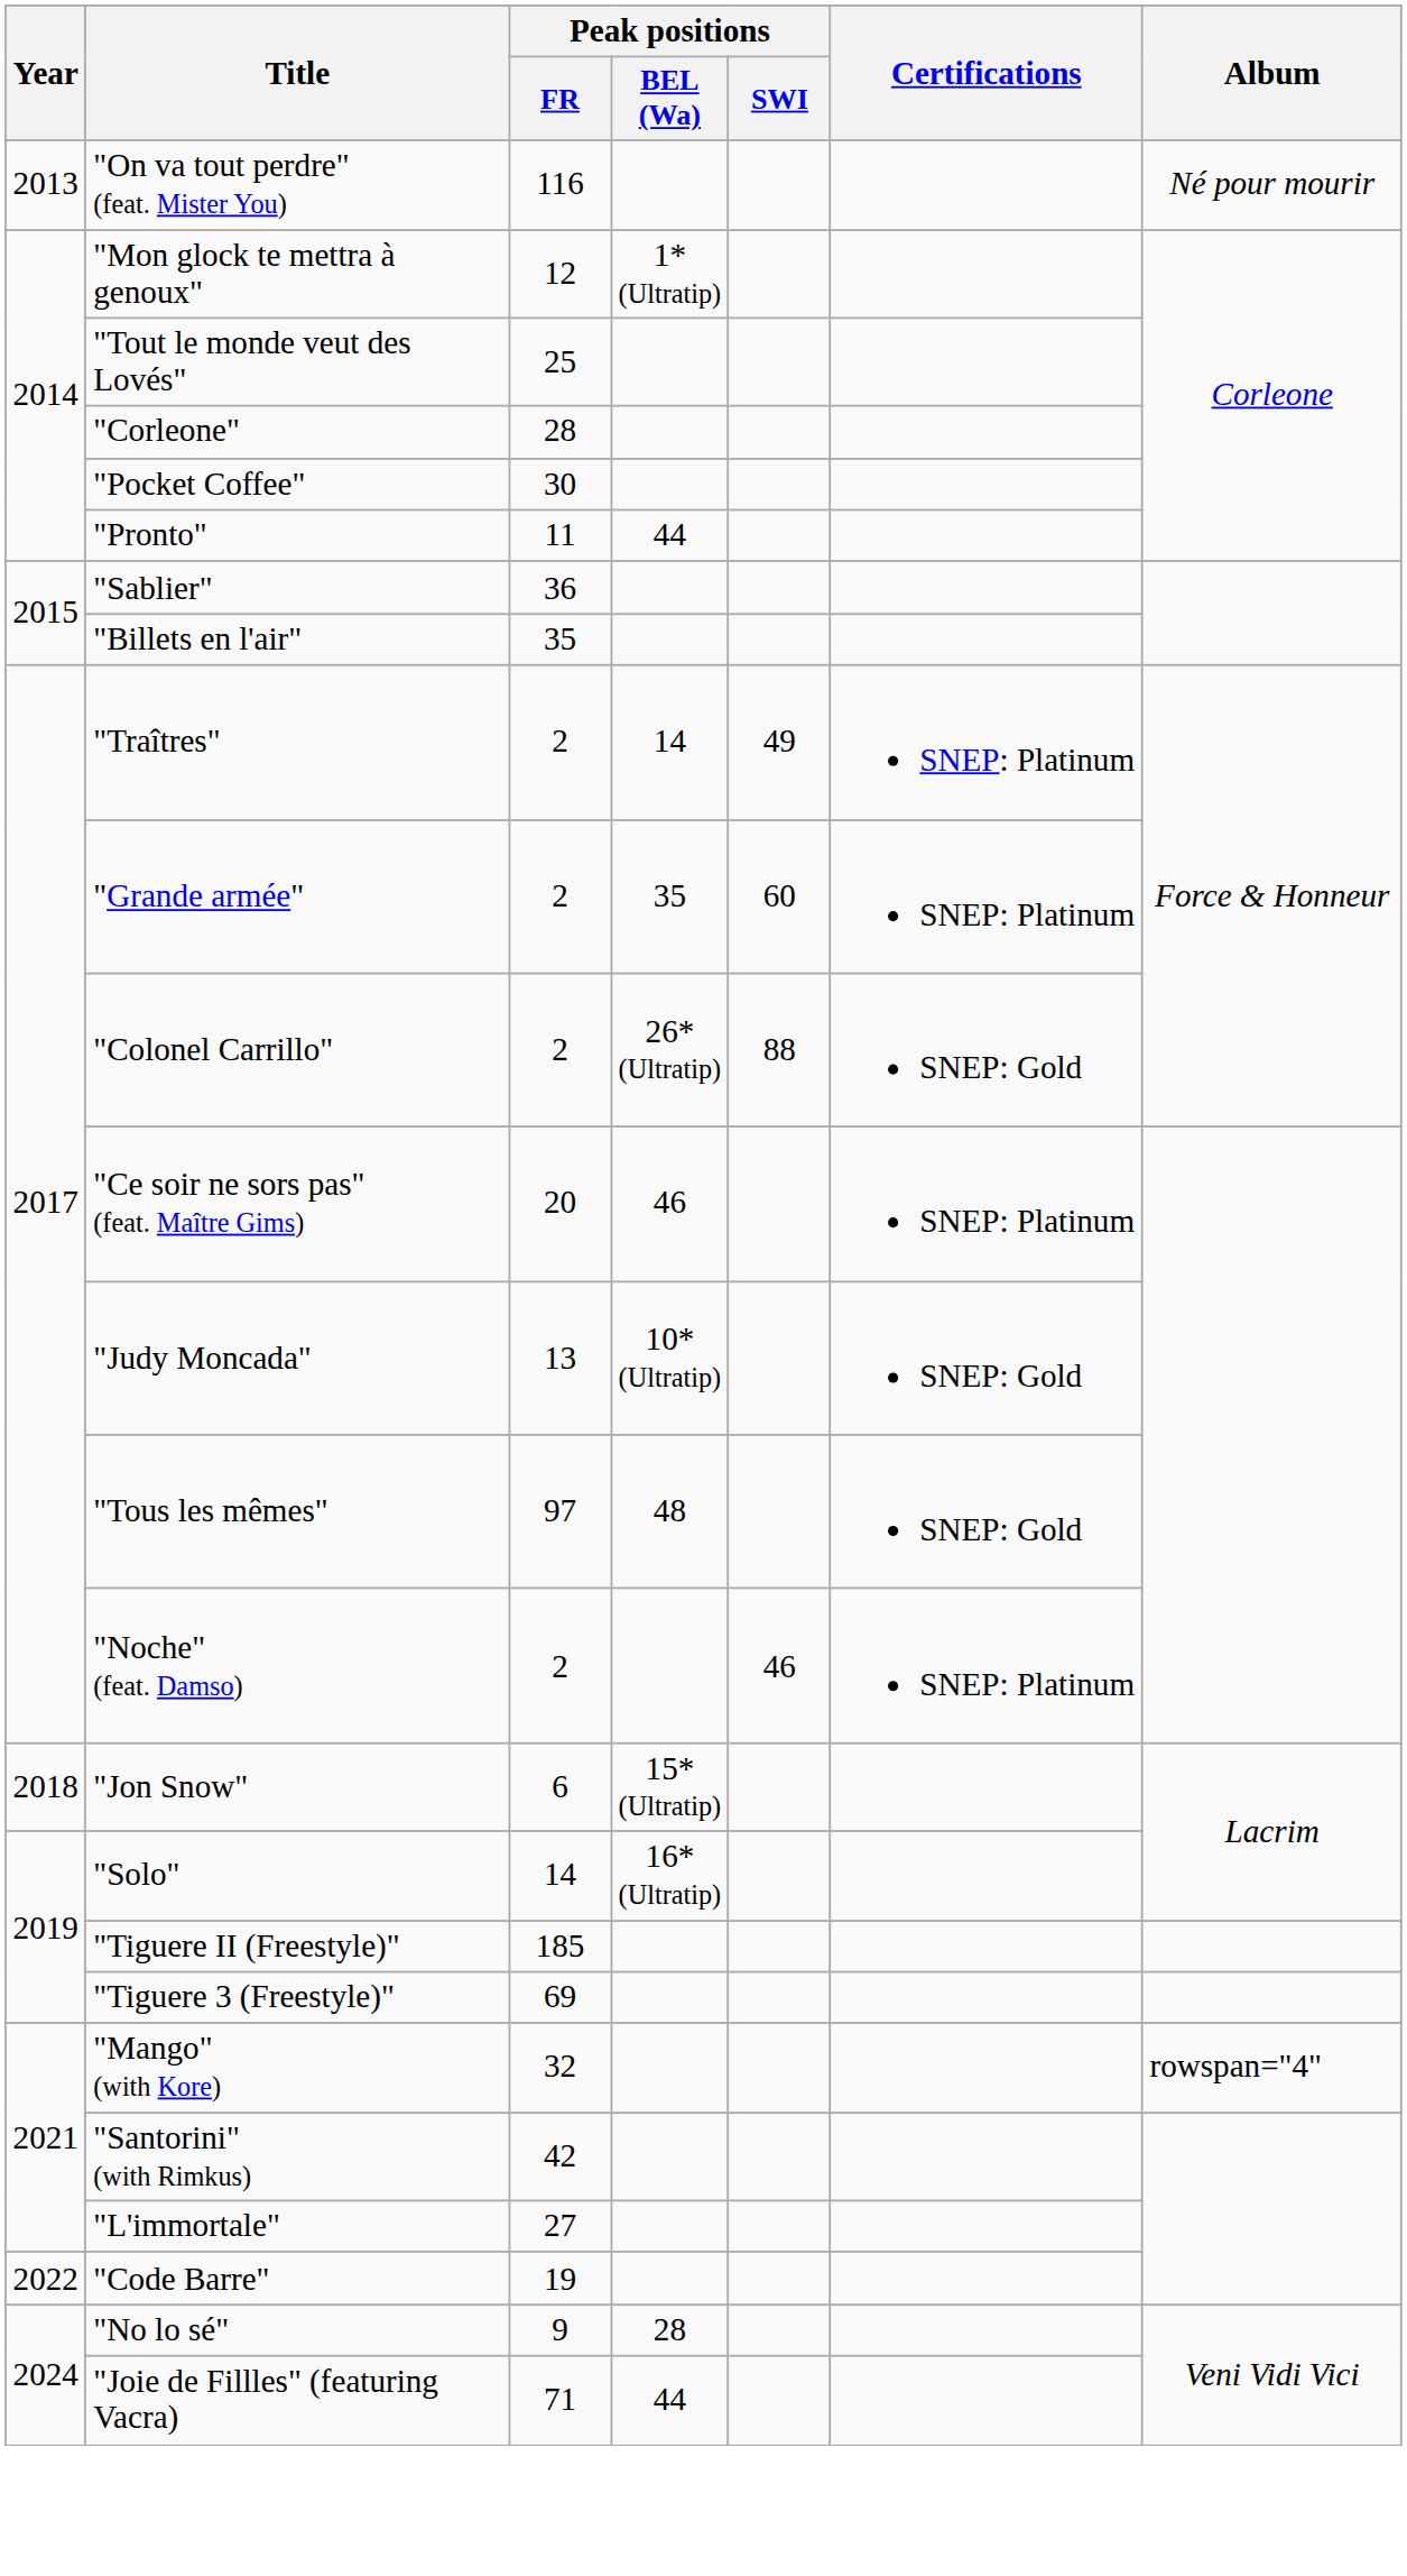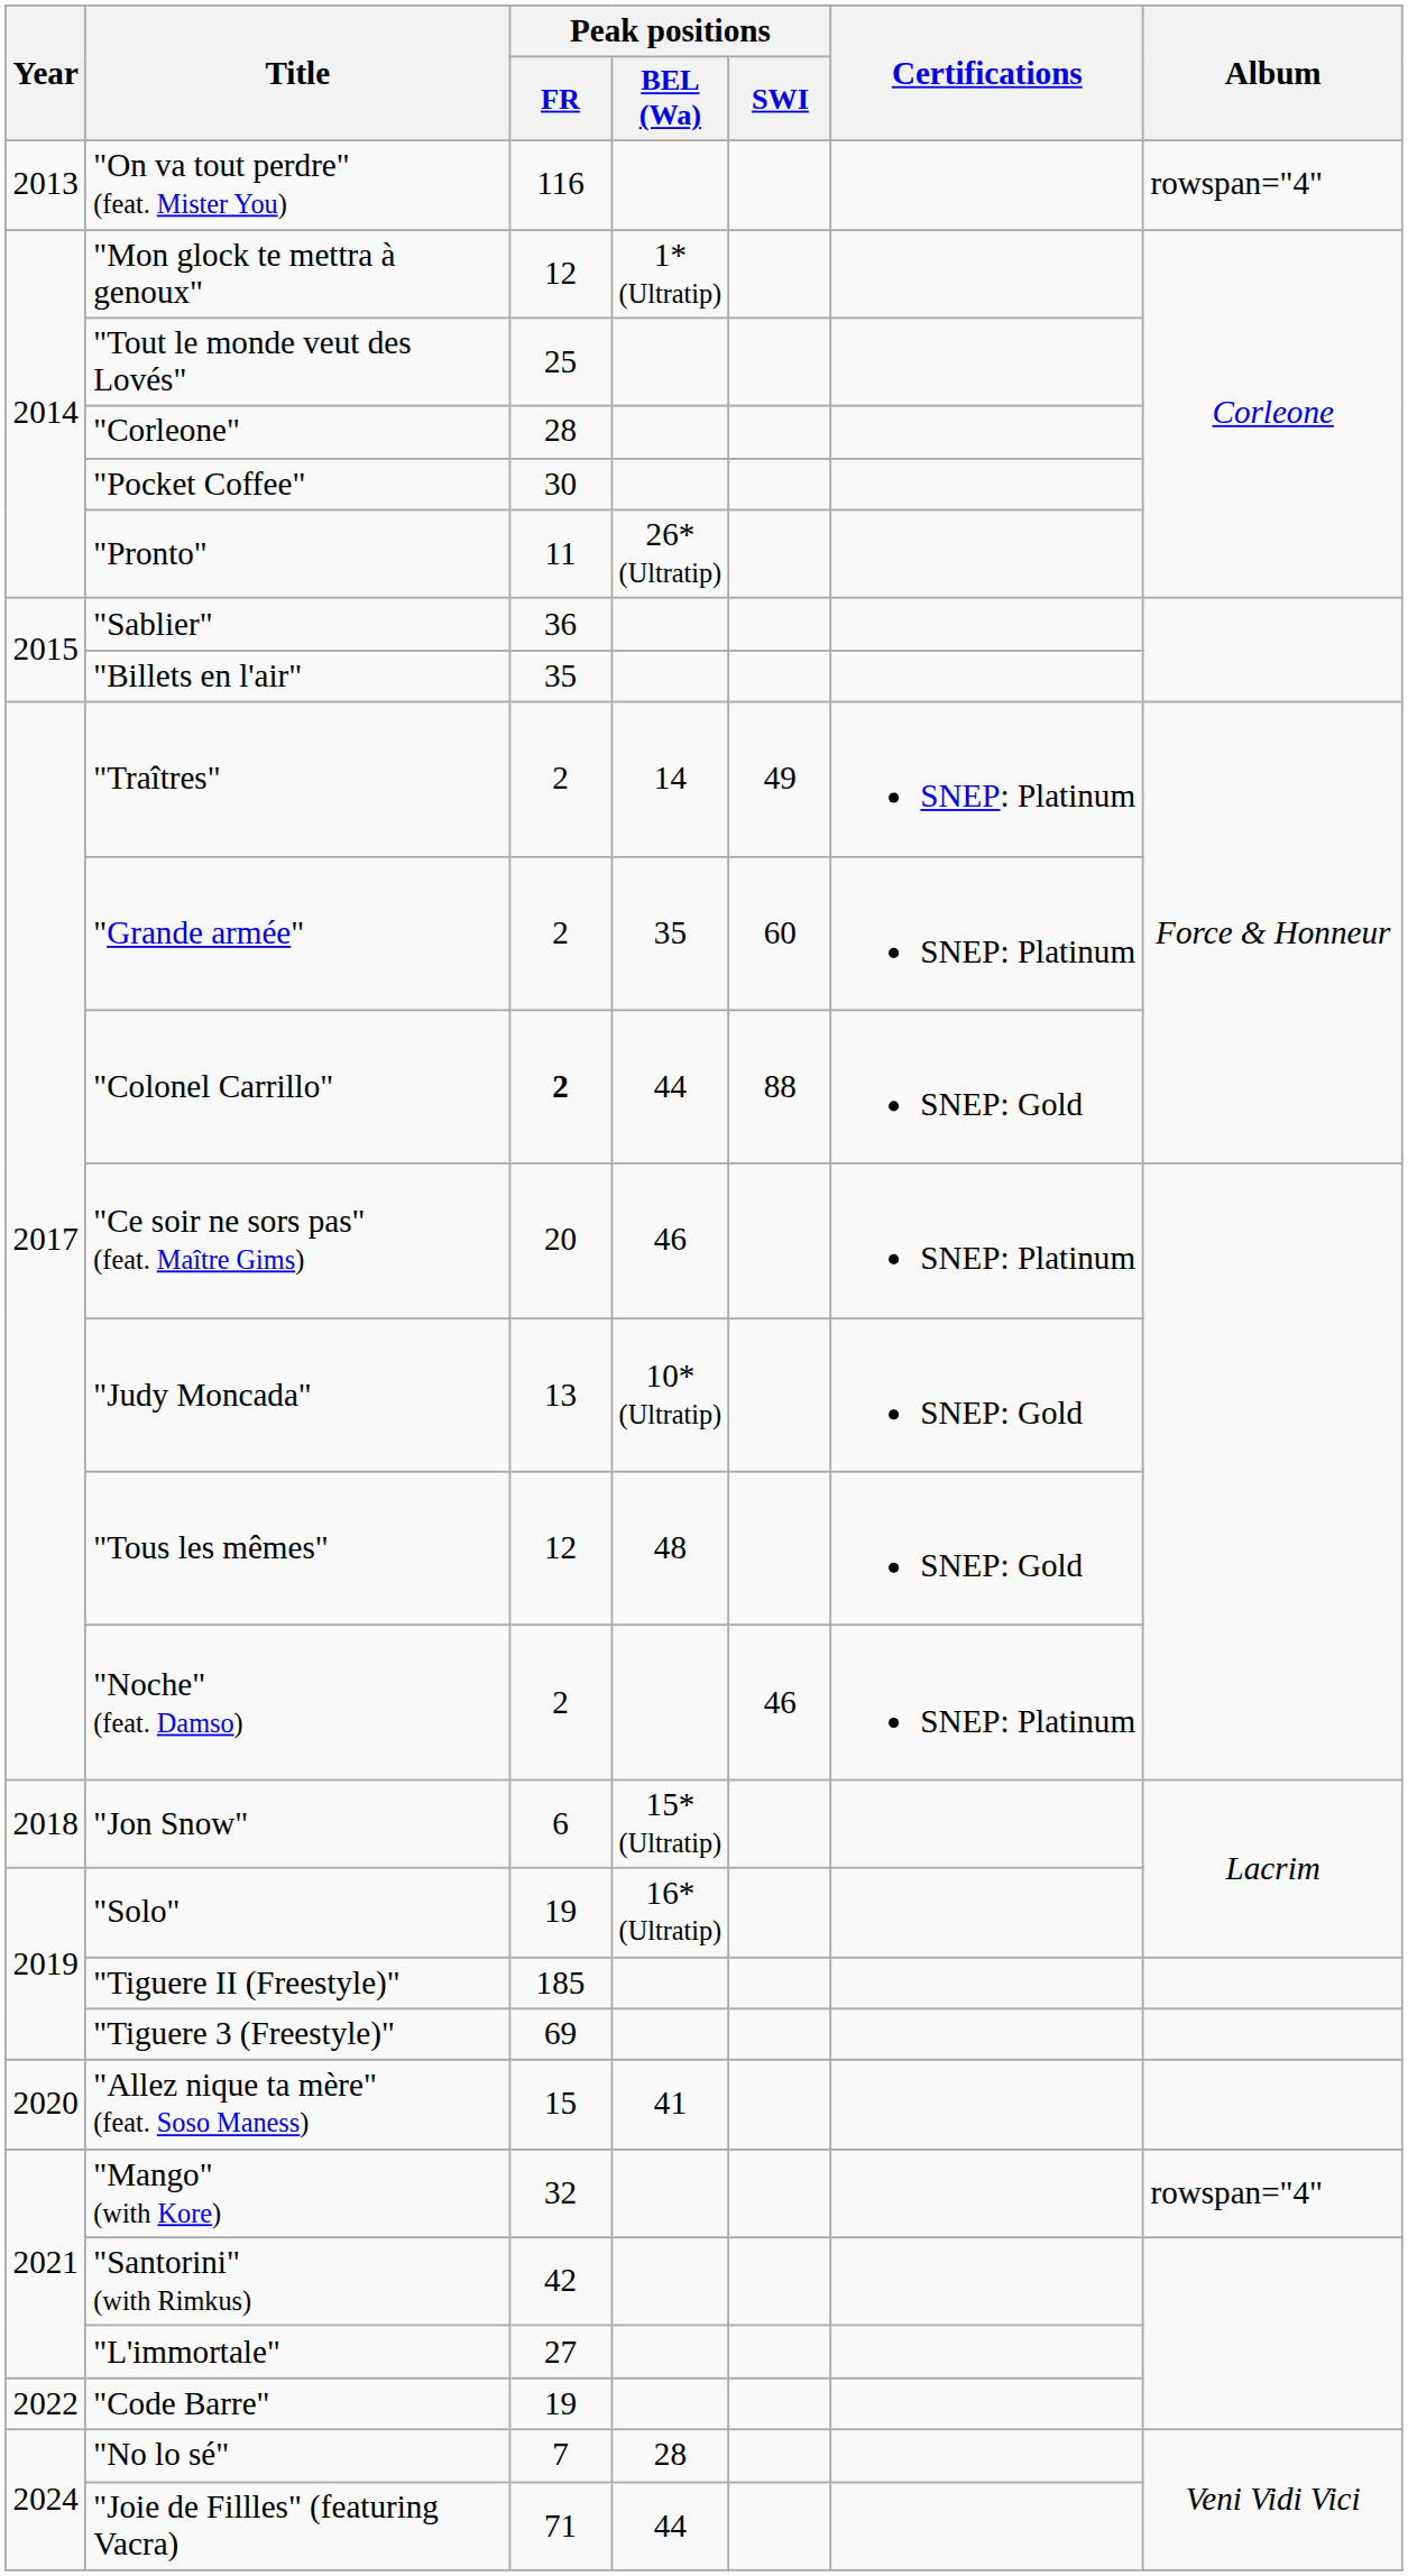 <table class="wikitable">
 <tr>
 <th align="center" rowspan="2" width="10">Year</th>
 <th align="center" rowspan="2" width="200">Title</th>
 <th align="center" colspan="3" width="30">Peak positions</th>
 <th scope="col" rowspan="2"><a href='#'>Certifications</a></th>
 <th align="center" rowspan="2" width="120">Album</th>
 </tr>
 <tr>
 <th scope="col" style="width:3em;font-size:90%;"><a href='#'>FR</a><br></th>
 <th scope="col" style="width:3em;font-size:90%;"><a href='#'>BEL <br>(Wa)</a><br></th>
 <th scope="col" style="width:3em;font-size:90%;"><a href='#'>SWI</a><br></th>
 </tr>
 <tr>
 <td align="center">2013</td>
 <td>"On va tout perdre" <br><small>(feat. <a href='#'>Mister You</a>)</small></td>
 <td align="center">116</td>
 <td align="center"></td>
 <td align="center"></td>
 <td></td>
-<td align="center"><em>Né pour mourir</em></td>
+<td>rowspan="4" </td>
 </tr>
 <tr>
 <td align="center" rowspan="5">2014</td>
 <td>"Mon glock te mettra à genoux"</td>
 <td align="center">12</td>
 <td align="center">1* <small><br>(Ultratip)</small></td>
 <td align="center"></td>
 <td></td>
 <td align="center" rowspan=5><em><a href='#'>Corleone</a></em></td>
 </tr>
 <tr>
 <td>"Tout le monde veut des Lovés"</td>
 <td align="center">25</td>
 <td align="center"></td>
 <td align="center"></td>
 <td></td>
 </tr>
 <tr>
 <td>"Corleone"</td>
 <td align="center">28</td>
 <td align="center"></td>
 <td align="center"></td>
 <td></td>
 </tr>
 <tr>
 <td>"Pocket Coffee"</td>
 <td align="center">30</td>
 <td align="center"></td>
 <td align="center"></td>
 <td></td>
 </tr>
 <tr>
 <td>"Pronto"</td>
 <td align="center">11</td>
-<td align="center">44</td>
+<td align="center">26*<br><small>(Ultratip)</small></td>
 <td align="center"></td>
 <td></td>
 </tr>
 <tr>
 <td rowspan=2>2015</td>
 <td>"Sablier"</td>
 <td align="center">36</td>
 <td align="center"></td>
 <td align="center"></td>
 <td></td>
 <td rowspan="2"></td>
 </tr>
 <tr>
 <td>"Billets en l'air"</td>
 <td align="center">35</td>
 <td align="center"></td>
 <td align="center"></td>
 <td></td>
 </tr>
 <tr>
 <td rowspan=7>2017</td>
 <td>"Traîtres"</td>
 <td align="center">2</td>
 <td align="center">14</td>
 <td align="center">49</td>
 <td><br><ul><li><a href='#'>SNEP</a>: Platinum</li></ul></td>
 <td align="center" rowspan="3"><em>Force & Honneur</em></td>
 </tr>
 <tr>
 <td>"<a href='#'>Grande armée</a>"</td>
 <td align="center">2</td>
 <td align="center">35</td>
 <td align="center">60</td>
 <td><br><ul><li>SNEP: Platinum</li></ul></td>
 </tr>
 <tr>
 <td>"Colonel Carrillo"</td>
-<td align="center">2</td>
-<td align="center">26*<br><small>(Ultratip)</small></td>
+<td align="center"><strong>2</strong></td>
+<td align="center">44</td>
 <td align="center">88</td>
 <td><br><ul><li>SNEP: Gold</li></ul></td>
 </tr>
 <tr>
 <td>"Ce soir ne sors pas"<br><small>(feat. <a href='#'>Maître Gims</a>)</small></td>
 <td align="center">20</td>
 <td align="center">46</td>
 <td align="center"></td>
 <td><br><ul><li>SNEP: Platinum</li></ul></td>
 <td align="center" rowspan="4"></td>
 </tr>
 <tr>
 <td>"Judy Moncada"</td>
 <td align="center">13</td>
 <td align="center">10*<br><small>(Ultratip)</small></td>
 <td align="center"></td>
 <td><br><ul><li>SNEP: Gold</li></ul></td>
 </tr>
 <tr>
 <td>"Tous les mêmes"</td>
-<td align="center">97</td>
+<td align="center">12</td>
 <td align="center">48</td>
 <td align="center"></td>
 <td><br><ul><li>SNEP: Gold</li></ul></td>
 </tr>
 <tr>
 <td>"Noche"<br><small>(feat. <a href='#'>Damso</a>)</small></td>
 <td align="center">2</td>
 <td align="center"></td>
 <td align="center">46</td>
 <td><br><ul><li>SNEP: Platinum</li></ul></td>
 </tr>
 <tr>
 <td>2018</td>
 <td>"Jon Snow"</td>
 <td align="center">6</td>
 <td align="center">15*<br><small>(Ultratip)</small></td>
 <td align="center"></td>
 <td></td>
 <td align="center" rowspan=2><em>Lacrim</em></td>
 </tr>
 <tr>
 <td rowspan=3>2019</td>
 <td>"Solo"</td>
-<td align="center">14</td>
+<td align="center">19</td>
 <td align="center">16*<br><small>(Ultratip)</small></td>
 <td align="center"></td>
 <td></td>
 </tr>
 <tr>
 <td>"Tiguere II (Freestyle)"</td>
 <td align="center">185</td>
 <td align="center"></td>
 <td align="center"></td>
 <td align="center"></td>
 <td></td>
 </tr>
 <tr>
 <td>"Tiguere 3 (Freestyle)"</td>
 <td align="center">69<br></td>
 <td align="center"></td>
 <td align="center"></td>
 <td align="center"></td>
 <td></td>
+</tr>
+<tr>
+<td>2020</td>
+<td>"Allez nique ta mère"<br><small>(feat. <a href='#'>Soso Maness</a>)</small></td>
+<td align="center">15</td>
+<td align="center">41</td>
+<td align="center"></td>
+<td></td>
+<td align="center"></td>
 </tr>
 <tr>
 <td rowspan=3>2021</td>
 <td>"Mango"<br><small>(with <a href='#'>Kore</a>)</small></td>
 <td align="center">32</td>
 <td align="center"></td>
 <td align="center"></td>
 <td></td>
 <td>rowspan="4" </td>
 </tr>
 <tr>
 <td>"Santorini"<br><small>(with Rimkus)</small></td>
 <td align="center">42</td>
 <td align="center"></td>
 <td align="center"></td>
 <td></td>
 </tr>
 <tr>
 <td>"L'immortale"</td>
 <td align="center">27</td>
 <td align="center"></td>
 <td align="center"></td>
 <td></td>
 </tr>
 <tr>
 <td>2022</td>
 <td>"Code Barre"</td>
 <td align="center">19</td>
 <td align="center"></td>
 <td align="center"></td>
 <td></td>
 </tr>
 <tr>
 <td rowspan=2>2024</td>
 <td>"No lo sé"</td>
-<td align="center">9</td>
+<td align="center">7</td>
 <td align="center">28</td>
 <td align="center"></td>
 <td></td>
 <td align="center" rowspan=2><em>Veni Vidi Vici</em></td>
 </tr>
 <tr>
 <td>"Joie de Fillles" (featuring Vacra)</td>
 <td align="center">71</td>
 <td align="center">44</td>
 <td align="center"></td>
 <td></td>
 </tr>
 </table>
